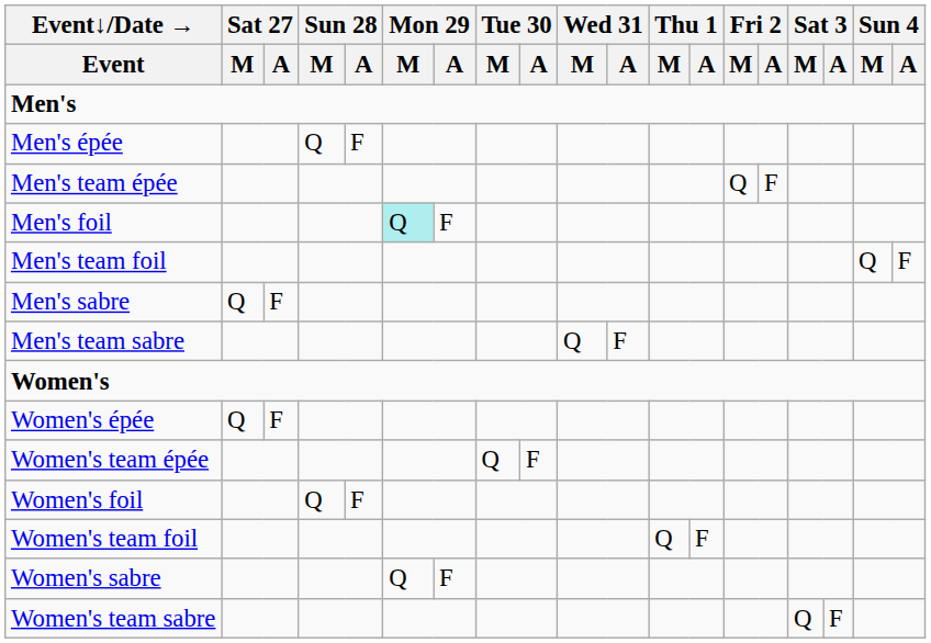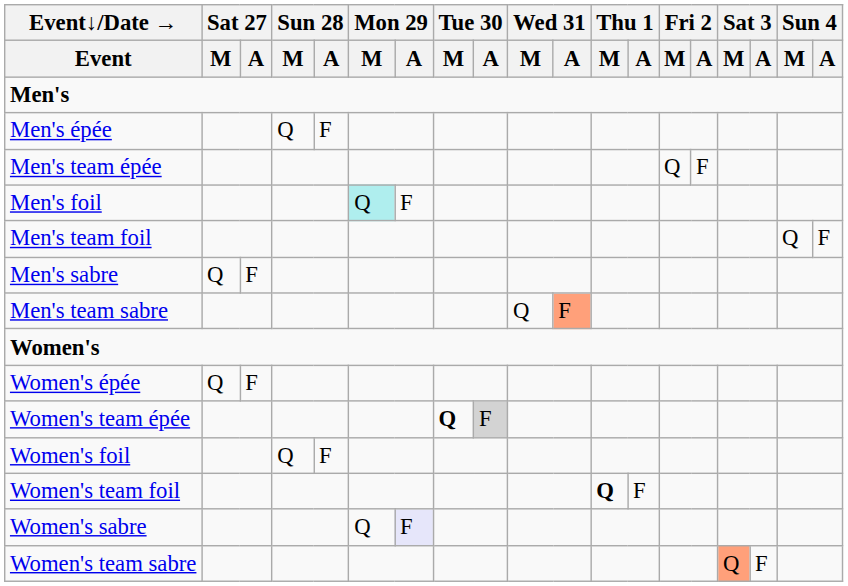 <table class="wikitable olympic-schedule fencing">
 <tr>
 <th>Event↓/Date →</th>
 <th colspan=2>Sat 27</th>
 <th colspan=2>Sun 28</th>
 <th colspan=2>Mon 29</th>
 <th colspan=2>Tue 30</th>
 <th colspan=2>Wed 31</th>
 <th colspan=2>Thu 1</th>
 <th colspan=2>Fri 2</th>
 <th colspan=2>Sat 3</th>
 <th colspan=2>Sun 4</th>
 </tr>
 <tr>
 <th>Event</th>
 <th>M</th>
 <th>A</th>
 <th>M</th>
 <th>A</th>
 <th>M</th>
 <th>A</th>
 <th>M</th>
 <th>A</th>
 <th>M</th>
 <th>A</th>
 <th>M</th>
 <th>A</th>
 <th>M</th>
 <th>A</th>
 <th>M</th>
 <th>A</th>
 <th>M</th>
 <th>A</th>
 </tr>
 <tr>
 <td colspan=19><strong>Men's</strong></td>
 </tr>
 <tr>
 <td class="event"><a href='#'>Men's épée</a></td>
 <td colspan="2"></td>
 <td class="qualifiers">Q</td>
 <td class="final">F</td>
 <td colspan="2"></td>
 <td colspan="2"></td>
 <td colspan="2"></td>
 <td colspan="2"></td>
 <td colspan="2"></td>
 <td colspan="2"></td>
 <td colspan="2"></td>
 </tr>
 <tr>
 <td class="event"><a href='#'>Men's team épée</a></td>
 <td colspan="2"></td>
 <td colspan="2"></td>
 <td colspan="2"></td>
 <td colspan="2"></td>
 <td colspan="2"></td>
 <td colspan="2"></td>
 <td class="qualifiers">Q</td>
 <td class="final">F</td>
 <td colspan="2"></td>
 <td colspan="2"></td>
 </tr>
 <tr>
 <td class="event"><a href='#'>Men's foil</a></td>
 <td colspan="2"></td>
 <td colspan="2"></td>
 <td class="qualifiers" style="background: paleturquoise;">Q</td>
 <td class="final">F</td>
 <td colspan="2"></td>
 <td colspan="2"></td>
 <td colspan="2"></td>
 <td colspan="2"></td>
 <td colspan="2"></td>
 <td colspan="2"></td>
 </tr>
 <tr>
 <td class="event"><a href='#'>Men's team foil</a></td>
 <td colspan="2"></td>
 <td colspan="2"></td>
 <td colspan="2"></td>
 <td colspan="2"></td>
 <td colspan="2"></td>
 <td colspan="2"></td>
 <td colspan="2"></td>
 <td colspan="2"></td>
 <td class="qualifiers">Q</td>
 <td class="final">F</td>
 </tr>
 <tr>
 <td class="event"><a href='#'>Men's sabre</a></td>
 <td class="qualifiers">Q</td>
 <td class="final">F</td>
 <td colspan="2"></td>
 <td colspan="2"></td>
 <td colspan="2"></td>
 <td colspan="2"></td>
 <td colspan="2"></td>
 <td colspan="2"></td>
 <td colspan="2"></td>
 <td colspan="2"></td>
 </tr>
 <tr>
 <td class="event"><a href='#'>Men's team sabre</a></td>
 <td colspan="2"></td>
 <td colspan="2"></td>
 <td colspan="2"></td>
 <td colspan="2"></td>
 <td class="qualifiers">Q</td>
-<td class="final">F</td>
+<td class="final" style="background: lightsalmon;">F</td>
 <td colspan="2"></td>
 <td colspan="2"></td>
 <td colspan="2"></td>
 <td colspan="2"></td>
 </tr>
 <tr>
 <td colspan=19><strong>Women's</strong></td>
 </tr>
 <tr>
 <td class="event"><a href='#'>Women's épée</a></td>
 <td class="qualifiers">Q</td>
 <td class="final">F</td>
 <td colspan="2"></td>
 <td colspan="2"></td>
 <td colspan="2"></td>
 <td colspan="2"></td>
 <td colspan="2"></td>
 <td colspan="2"></td>
 <td colspan="2"></td>
 <td colspan="2"></td>
 </tr>
 <tr>
 <td class="event"><a href='#'>Women's team épée</a></td>
 <td colspan="2"></td>
 <td colspan="2"></td>
 <td colspan="2"></td>
-<td class="qualifiers">Q</td>
-<td class="final">F</td>
+<td class="qualifiers"><strong>Q</strong></td>
+<td class="final" style="background: lightgrey;">F</td>
 <td colspan="2"></td>
 <td colspan="2"></td>
 <td colspan="2"></td>
 <td colspan="2"></td>
 <td colspan="2"></td>
 </tr>
 <tr>
 <td class="event"><a href='#'>Women's foil</a></td>
 <td colspan="2"></td>
 <td class="qualifiers">Q</td>
 <td class="final">F</td>
 <td colspan="2"></td>
 <td colspan="2"></td>
 <td colspan="2"></td>
 <td colspan="2"></td>
 <td colspan="2"></td>
 <td colspan="2"></td>
 <td colspan="2"></td>
 </tr>
 <tr>
 <td class="event"><a href='#'>Women's team foil</a></td>
 <td colspan="2"></td>
 <td colspan="2"></td>
 <td colspan="2"></td>
 <td colspan="2"></td>
 <td colspan="2"></td>
-<td class="qualifiers">Q</td>
+<td class="qualifiers"><strong>Q</strong></td>
 <td class="final">F</td>
 <td colspan="2"></td>
 <td colspan="2"></td>
 <td colspan="2"></td>
 </tr>
 <tr>
 <td class="event"><a href='#'>Women's sabre</a></td>
 <td colspan="2"></td>
 <td colspan="2"></td>
 <td class="qualifiers">Q</td>
-<td class="final">F</td>
+<td class="final" style="background: lavender;">F</td>
 <td colspan="2"></td>
 <td colspan="2"></td>
 <td colspan="2"></td>
 <td colspan="2"></td>
 <td colspan="2"></td>
 <td colspan="2"></td>
 </tr>
 <tr>
 <td class="event"><a href='#'>Women's team sabre</a></td>
 <td colspan="2"></td>
 <td colspan="2"></td>
 <td colspan="2"></td>
 <td colspan="2"></td>
 <td colspan="2"></td>
 <td colspan="2"></td>
 <td colspan="2"></td>
-<td class="qualifiers">Q</td>
+<td class="qualifiers" style="background: lightsalmon;">Q</td>
 <td class="final">F</td>
 <td colspan="2"></td>
 </tr>
 </table>
